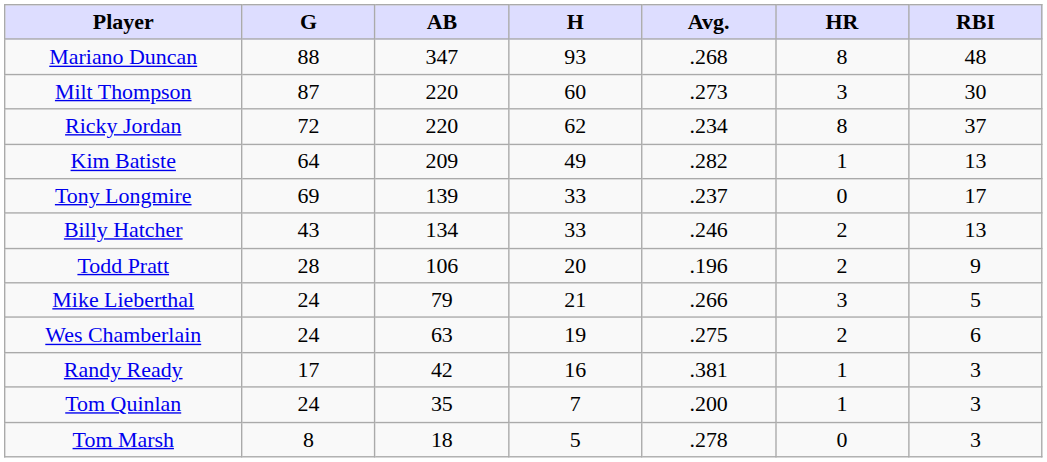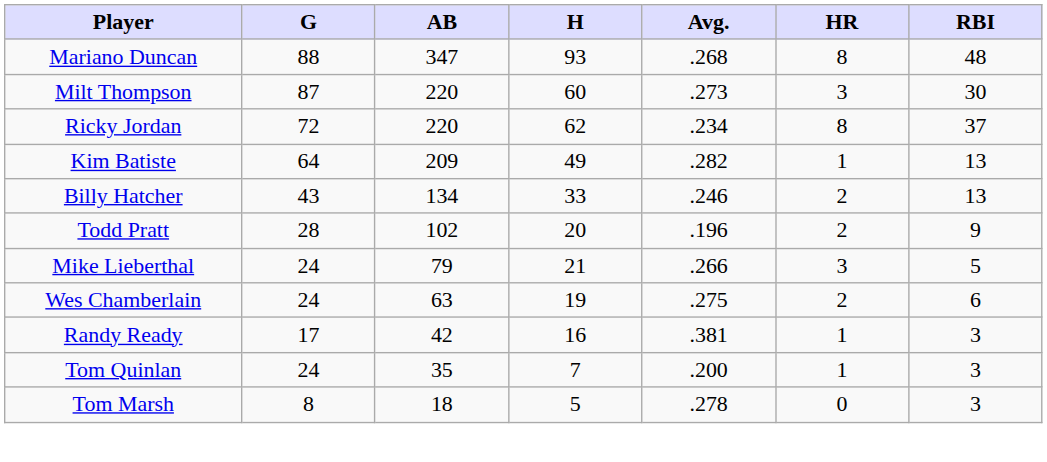 <table class="wikitable sortable">
 <tr>
 <th style="background:#ddf; width:16%;">Player</th>
 <th style="background:#ddf; width:9%;">G</th>
 <th style="background:#ddf; width:9%;">AB</th>
 <th style="background:#ddf; width:9%;">H</th>
 <th style="background:#ddf; width:9%;">Avg.</th>
 <th style="background:#ddf; width:9%;">HR</th>
 <th style="background:#ddf; width:9%;">RBI</th>
 </tr>
 <tr align=center>
 <td><a href='#'>Mariano Duncan</a></td>
 <td>88</td>
 <td>347</td>
 <td>93</td>
 <td>.268</td>
 <td>8</td>
 <td>48</td>
 </tr>
 <tr align=center>
 <td><a href='#'>Milt Thompson</a></td>
 <td>87</td>
 <td>220</td>
 <td>60</td>
 <td>.273</td>
 <td>3</td>
 <td>30</td>
 </tr>
 <tr align=center>
 <td><a href='#'>Ricky Jordan</a></td>
 <td>72</td>
 <td>220</td>
 <td>62</td>
 <td>.234</td>
 <td>8</td>
 <td>37</td>
 </tr>
 <tr align=center>
 <td><a href='#'>Kim Batiste</a></td>
 <td>64</td>
 <td>209</td>
 <td>49</td>
 <td>.282</td>
 <td>1</td>
 <td>13</td>
 </tr>
 <tr align=center>
-<td><a href='#'>Tony Longmire</a></td>
-<td>69</td>
-<td>139</td>
-<td>33</td>
-<td>.237</td>
-<td>0</td>
-<td>17</td>
-</tr>
-<tr align=center>
 <td><a href='#'>Billy Hatcher</a></td>
 <td>43</td>
 <td>134</td>
 <td>33</td>
 <td>.246</td>
 <td>2</td>
 <td>13</td>
 </tr>
 <tr align=center>
 <td><a href='#'>Todd Pratt</a></td>
 <td>28</td>
-<td>106</td>
+<td>102</td>
 <td>20</td>
 <td>.196</td>
 <td>2</td>
 <td>9</td>
 </tr>
 <tr align=center>
 <td><a href='#'>Mike Lieberthal</a></td>
 <td>24</td>
 <td>79</td>
 <td>21</td>
 <td>.266</td>
 <td>3</td>
 <td>5</td>
 </tr>
 <tr align=center>
 <td><a href='#'>Wes Chamberlain</a></td>
 <td>24</td>
 <td>63</td>
 <td>19</td>
 <td>.275</td>
 <td>2</td>
 <td>6</td>
 </tr>
 <tr align=center>
 <td><a href='#'>Randy Ready</a></td>
 <td>17</td>
 <td>42</td>
 <td>16</td>
 <td>.381</td>
 <td>1</td>
 <td>3</td>
 </tr>
 <tr align=center>
 <td><a href='#'>Tom Quinlan</a></td>
 <td>24</td>
 <td>35</td>
 <td>7</td>
 <td>.200</td>
 <td>1</td>
 <td>3</td>
 </tr>
 <tr align=center>
 <td><a href='#'>Tom Marsh</a></td>
 <td>8</td>
 <td>18</td>
 <td>5</td>
 <td>.278</td>
 <td>0</td>
 <td>3</td>
 </tr>
 </table>
